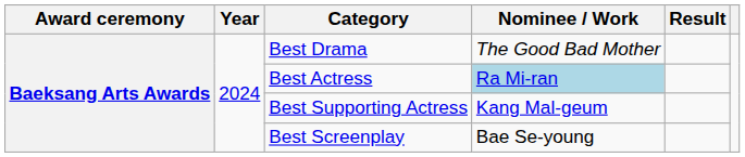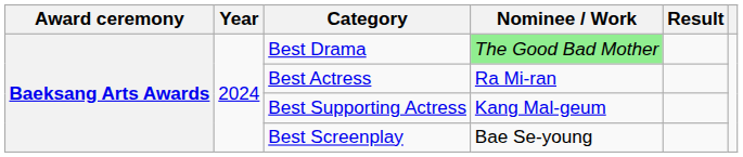 <table class="wikitable plainrowheaders sortable">
 <tr>
 <th scope="col">Award ceremony</th>
 <th scope="col">Year</th>
 <th scope="col">Category</th>
 <th scope="col">Nominee / Work</th>
 <th scope="col">Result</th>
 <th scope="col" class="unsortable"></th>
 </tr>
 <tr>
 <th scope="row" rowspan="4"><a href='#'>Baeksang Arts Awards</a></th>
 <td rowspan="4" style="text-align:center"><a href='#'>2024</a></td>
 <td><a href='#'>Best Drama</a></td>
-<td><em>The Good Bad Mother</em></td>
+<td style="background: lightgreen;"><em>The Good Bad Mother</em></td>
 <td></td>
 <td rowspan="7" style="text-align:center"></td>
 </tr>
 <tr>
 <td><a href='#'>Best Actress</a></td>
-<td style="background: lightblue;"><a href='#'>Ra Mi-ran</a></td>
+<td><a href='#'>Ra Mi-ran</a></td>
 <td></td>
 </tr>
 <tr>
 <td><a href='#'>Best Supporting Actress</a></td>
 <td><a href='#'>Kang Mal-geum</a></td>
 <td></td>
 </tr>
 <tr>
 <td><a href='#'>Best Screenplay</a></td>
 <td>Bae Se-young</td>
 <td></td>
 </tr>
 </table>
